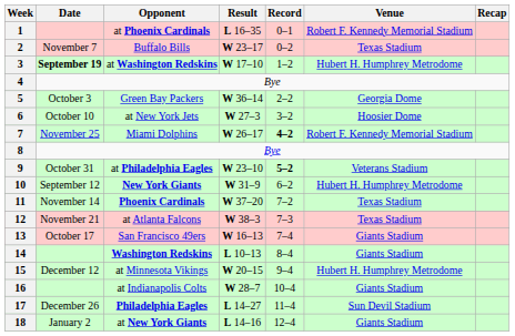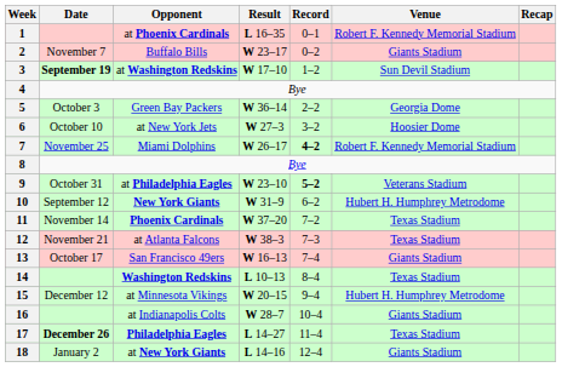 <table class="wikitable" style="text-align:center">
 <tr>
 <th>Week</th>
 <th>Date</th>
 <th>Opponent</th>
 <th>Result</th>
 <th>Record</th>
 <th>Venue</th>
 <th>Recap</th>
 </tr>
 <tr bgcolor="#fcc">
 <th>1</th>
 <td></td>
 <td>at <strong><a href='#'>Phoenix Cardinals</a></strong></td>
 <td><strong>L</strong> 16–35</td>
 <td>0–1</td>
 <td><a href='#'>Robert F. Kennedy Memorial Stadium</a></td>
 <td></td>
 </tr>
 <tr bgcolor="#fcc">
 <th>2</th>
 <td>November 7</td>
 <td><a href='#'>Buffalo Bills</a></td>
 <td><strong>W</strong> 23–17</td>
 <td>0–2</td>
-<td><a href='#'>Texas Stadium</a></td>
+<td><a href='#'>Giants Stadium</a></td>
 <td></td>
 </tr>
 <tr bgcolor="#cfc">
 <th>3</th>
 <td><strong>September 19</strong></td>
 <td>at <strong><a href='#'>Washington Redskins</a></strong></td>
 <td><strong>W</strong> 17–10</td>
 <td>1–2</td>
-<td><a href='#'>Hubert H. Humphrey Metrodome</a></td>
+<td><a href='#'>Sun Devil Stadium</a></td>
 <td></td>
 </tr>
 <tr>
 <th>4</th>
 <td colspan="6" style="text-align:center;"><em>Bye</em></td>
 </tr>
 <tr bgcolor="#cfc">
 <th>5</th>
 <td>October 3</td>
 <td><a href='#'>Green Bay Packers</a></td>
 <td><strong>W</strong> 36–14</td>
 <td>2–2</td>
 <td><a href='#'>Georgia Dome</a></td>
 <td></td>
 </tr>
 <tr bgcolor="#cfc">
 <th>6</th>
 <td>October 10</td>
 <td>at <a href='#'>New York Jets</a></td>
 <td><strong>W</strong> 27–3</td>
 <td>3–2</td>
 <td><a href='#'>Hoosier Dome</a></td>
 <td></td>
 </tr>
 <tr bgcolor="#cfc">
 <th>7</th>
 <td><a href='#'>November 25</a></td>
 <td><a href='#'>Miami Dolphins</a></td>
 <td><strong>W</strong> 26–17</td>
 <td><strong>4–2</strong></td>
 <td><a href='#'>Robert F. Kennedy Memorial Stadium</a></td>
 <td></td>
 </tr>
 <tr>
 <th>8</th>
 <td colspan="6" style="text-align:center;"><em><a href='#'>Bye</a></em></td>
 </tr>
 <tr bgcolor="#cfc">
 <th>9</th>
 <td>October 31</td>
 <td>at <strong><a href='#'>Philadelphia Eagles</a></strong></td>
 <td><strong>W</strong> 23–10</td>
 <td><strong>5–2</strong></td>
 <td><a href='#'>Veterans Stadium</a></td>
 <td></td>
 </tr>
 <tr bgcolor="#cfc">
 <th>10</th>
 <td>September 12</td>
 <td><strong><a href='#'>New York Giants</a></strong></td>
 <td><strong>W</strong> 31–9</td>
 <td>6–2</td>
 <td><a href='#'>Hubert H. Humphrey Metrodome</a></td>
 <td></td>
 </tr>
 <tr bgcolor="#cfc">
 <th>11</th>
 <td>November 14</td>
 <td><strong><a href='#'>Phoenix Cardinals</a></strong></td>
 <td><strong>W</strong> 37–20</td>
 <td>7–2</td>
 <td><a href='#'>Texas Stadium</a></td>
 <td></td>
 </tr>
 <tr bgcolor="#fcc">
 <th>12</th>
 <td>November 21</td>
 <td>at <a href='#'>Atlanta Falcons</a></td>
 <td><strong>W</strong> 38–3</td>
 <td>7–3</td>
 <td><a href='#'>Texas Stadium</a></td>
 <td></td>
 </tr>
 <tr bgcolor="#fcc">
 <th>13</th>
 <td>October 17</td>
 <td><a href='#'>San Francisco 49ers</a></td>
 <td><strong>W</strong> 16–13 </td>
 <td>7–4</td>
 <td><a href='#'>Giants Stadium</a></td>
 <td></td>
 </tr>
 <tr bgcolor="#cfc">
 <th>14</th>
 <td></td>
 <td><strong><a href='#'>Washington Redskins</a></strong></td>
 <td><strong>L</strong> 10–13</td>
 <td>8–4</td>
-<td><a href='#'>Giants Stadium</a></td>
+<td><a href='#'>Texas Stadium</a></td>
 <td></td>
 </tr>
 <tr bgcolor="#cfc">
 <th>15</th>
 <td>December 12</td>
 <td>at <a href='#'>Minnesota Vikings</a></td>
 <td><strong>W</strong> 20–15</td>
 <td>9–4</td>
 <td><a href='#'>Hubert H. Humphrey Metrodome</a></td>
 <td></td>
 </tr>
 <tr bgcolor="#cfc">
 <th>16</th>
 <td></td>
 <td>at <a href='#'>Indianapolis Colts</a></td>
 <td><strong>W</strong> 28–7</td>
 <td>10–4</td>
 <td><a href='#'>Giants Stadium</a></td>
 <td></td>
 </tr>
 <tr bgcolor="#cfc">
 <th>17</th>
-<td>December 26</td>
+<td><strong>December 26</strong></td>
 <td><strong><a href='#'>Philadelphia Eagles</a></strong></td>
 <td><strong>L</strong> 14–27</td>
 <td>11–4</td>
-<td><a href='#'>Sun Devil Stadium</a></td>
+<td><a href='#'>Texas Stadium</a></td>
 <td></td>
 </tr>
 <tr bgcolor="#cfc">
 <th>18</th>
 <td>January 2</td>
 <td>at <strong><a href='#'>New York Giants</a></strong></td>
 <td><strong>L</strong> 14–16</td>
 <td>12–4</td>
 <td><a href='#'>Giants Stadium</a></td>
 <td></td>
 </tr>
 </table>
